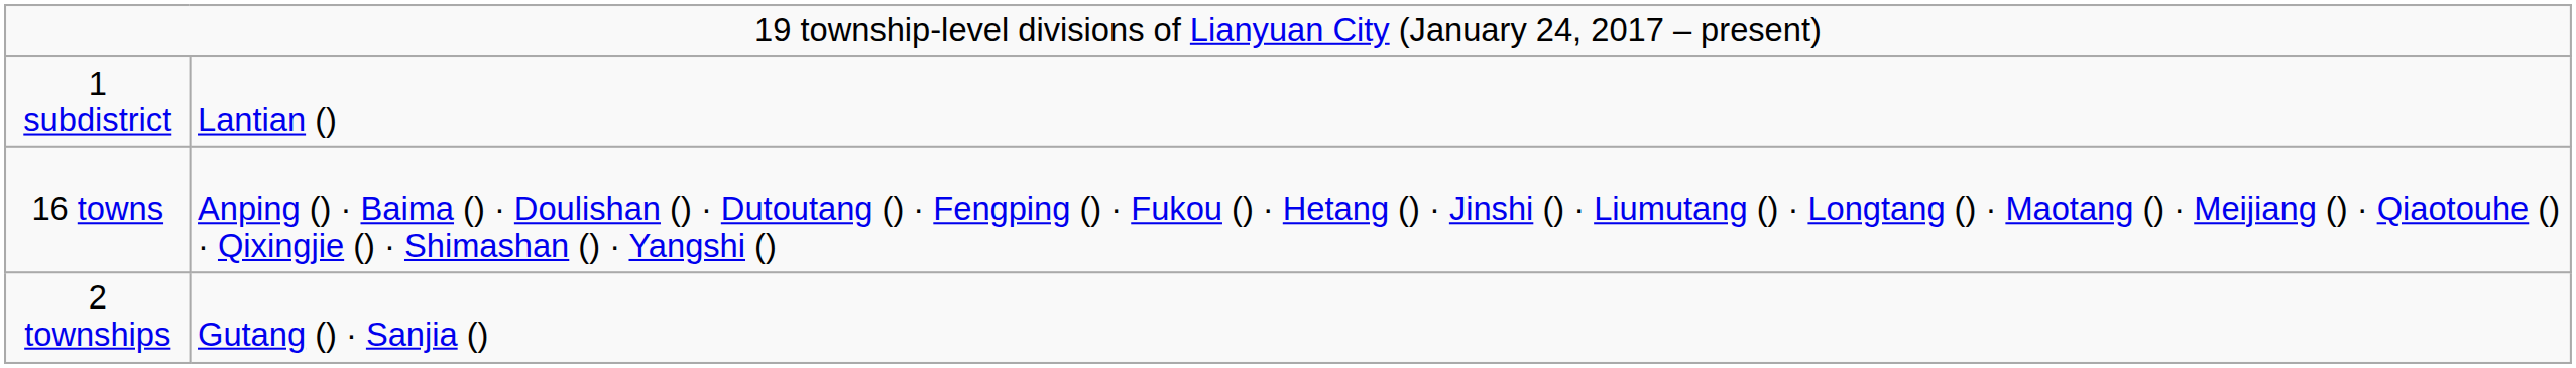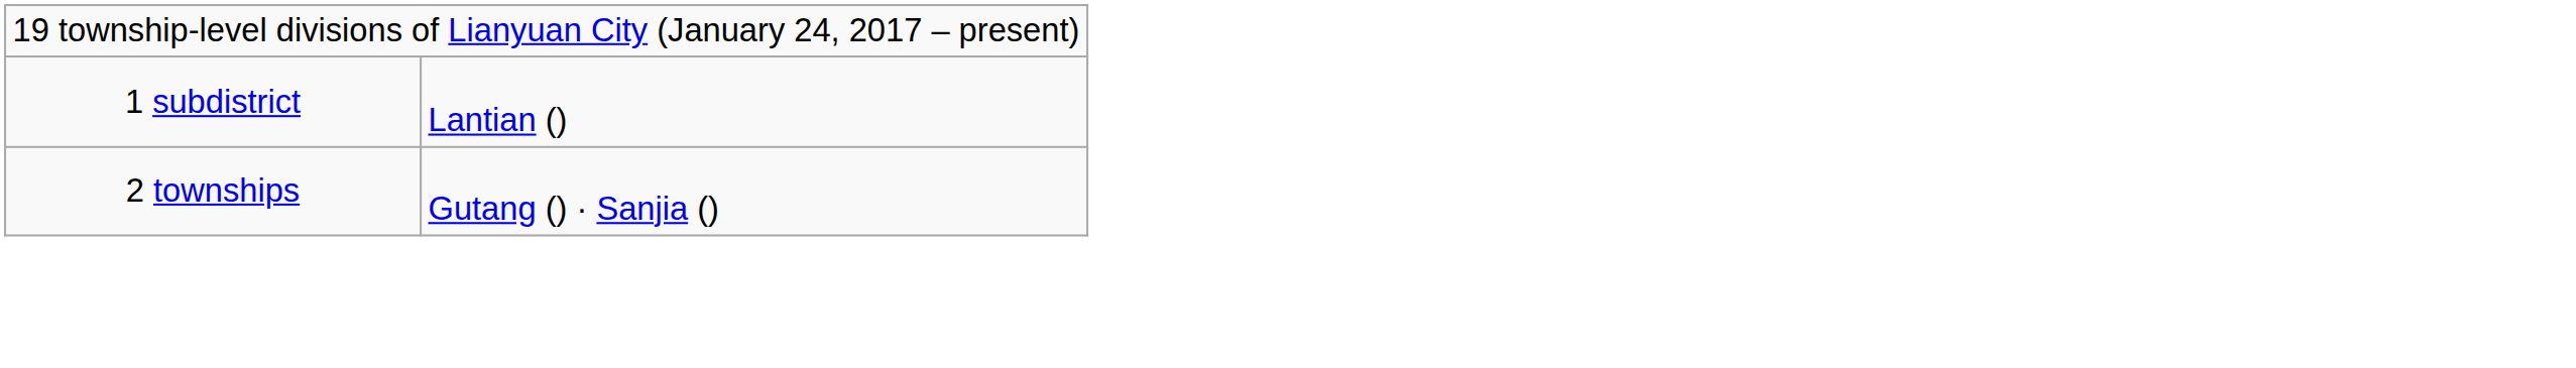 <table class="wikitable">
 <tr>
 <td style="text-align:center;" colspan="2">19 township-level divisions of <a href='#'>Lianyuan City</a> (January 24, 2017 – present)</td>
 </tr>
 <tr align=left>
 <td align=center>1 <a href='#'>subdistrict</a></td>
 <td><br><a href='#'>Lantian</a> ()</td>
 </tr>
 <tr align=left>
-<td align=center>16 <a href='#'>towns</a></td>
-<td><br><a href='#'>Anping</a> () · <a href='#'>Baima</a> () · <a href='#'>Doulishan</a> () · <a href='#'>Dutoutang</a> () · <a href='#'>Fengping</a> () · <a href='#'>Fukou</a> () · <a href='#'>Hetang</a> () · <a href='#'>Jinshi</a> () · <a href='#'>Liumutang</a> () · <a href='#'>Longtang</a> () · <a href='#'>Maotang</a> () · <a href='#'>Meijiang</a> () · <a href='#'>Qiaotouhe</a> () · <a href='#'>Qixingjie</a> () · <a href='#'>Shimashan</a> () · <a href='#'>Yangshi</a> ()</td>
-</tr>
-<tr align=left>
 <td align=center>2 <a href='#'>townships</a></td>
 <td><br><a href='#'>Gutang</a> () · <a href='#'>Sanjia</a> ()</td>
 </tr>
 </table>
